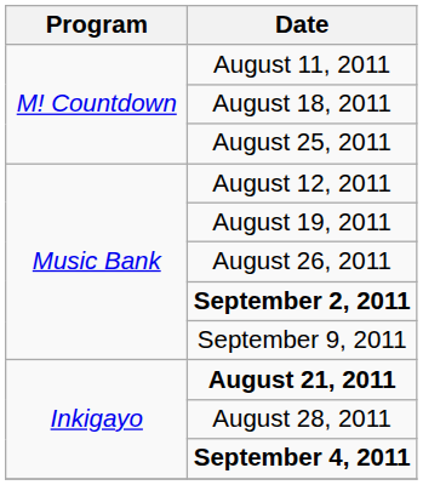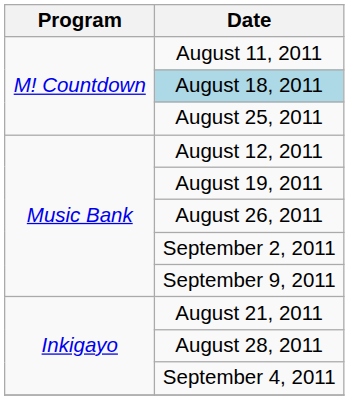 <table class="wikitable plainrowheaders" style="text-align:center;">
 <tr>
 <th width="110">Program</th>
 <th width="140">Date</th>
 </tr>
 <tr>
 <td rowspan="3"><em><a href='#'>M! Countdown</a></em></td>
 <td>August 11, 2011</td>
 </tr>
 <tr>
-<td>August 18, 2011</td>
+<td style="background: lightblue;">August 18, 2011</td>
 </tr>
 <tr>
 <td>August 25, 2011</td>
 </tr>
 <tr>
 <td rowspan="5"><em><a href='#'>Music Bank</a></em></td>
 <td>August 12, 2011</td>
 </tr>
 <tr>
 <td>August 19, 2011</td>
 </tr>
 <tr>
 <td>August 26, 2011</td>
 </tr>
 <tr>
-<td><strong>September 2, 2011</strong></td>
+<td>September 2, 2011</td>
 </tr>
 <tr>
 <td>September 9, 2011</td>
 </tr>
 <tr>
 <td rowspan="3"><em><a href='#'>Inkigayo</a></em></td>
-<td><strong>August 21, 2011</strong></td>
+<td>August 21, 2011</td>
 </tr>
 <tr>
 <td>August 28, 2011</td>
 </tr>
 <tr>
-<td><strong>September 4, 2011</strong></td>
+<td>September 4, 2011</td>
 </tr>
 <tr>
 </tr>
 </table>
